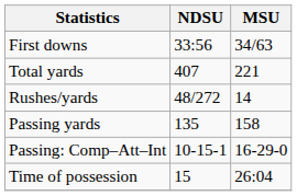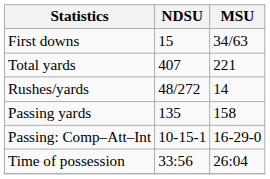 <table class="wikitable" style="float: left;">
 <tr>
 <th>Statistics</th>
 <th>NDSU</th>
 <th>MSU</th>
 </tr>
 <tr>
 <td>First downs</td>
-<td>33:56</td>
+<td>15</td>
 <td>34/63</td>
 </tr>
 <tr>
 <td>Total yards</td>
 <td>407</td>
 <td>221</td>
 </tr>
 <tr>
 <td>Rushes/yards</td>
 <td>48/272</td>
 <td>14</td>
 </tr>
 <tr>
 <td>Passing yards</td>
 <td>135</td>
 <td>158</td>
 </tr>
 <tr>
 <td>Passing: Comp–Att–Int</td>
 <td>10-15-1</td>
 <td>16-29-0</td>
 </tr>
 <tr>
 <td>Time of possession</td>
-<td>15</td>
+<td>33:56</td>
 <td>26:04</td>
 </tr>
 <tr>
 </tr>
 </table>
